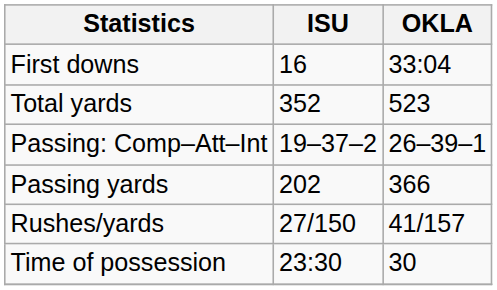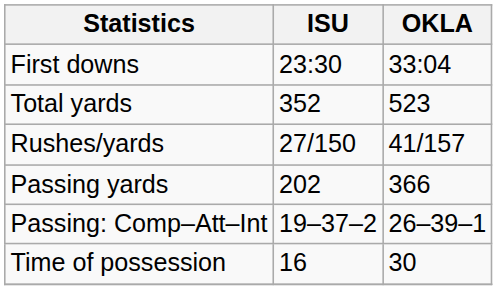 <table class="wikitable" style="float: left;">
 <tr>
 <th>Statistics</th>
 <th>ISU</th>
 <th>OKLA</th>
 </tr>
 <tr>
 <td>First downs</td>
-<td>16</td>
+<td>23:30</td>
 <td>33:04</td>
 </tr>
 <tr>
 <td>Total yards</td>
 <td>352</td>
 <td>523</td>
 </tr>
 <tr>
-<td>Passing: Comp–Att–Int</td>
-<td>19–37–2</td>
-<td>26–39–1</td>
+<td>Rushes/yards</td>
+<td>27/150</td>
+<td>41/157</td>
 </tr>
 <tr>
 <td>Passing yards</td>
 <td>202</td>
 <td>366</td>
 </tr>
 <tr>
-<td>Rushes/yards</td>
-<td>27/150</td>
-<td>41/157</td>
+<td>Passing: Comp–Att–Int</td>
+<td>19–37–2</td>
+<td>26–39–1</td>
 </tr>
 <tr>
 <td>Time of possession</td>
-<td>23:30</td>
+<td>16</td>
 <td>30</td>
 </tr>
 <tr>
 </tr>
 </table>
